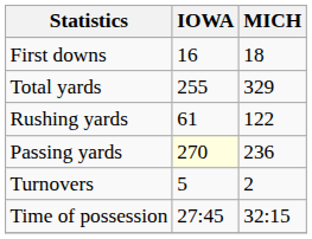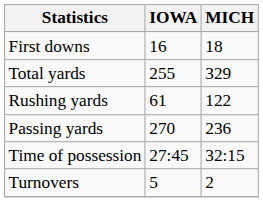 <table class="wikitable">
 <tr>
 <th>Statistics</th>
 <th>IOWA</th>
 <th>MICH</th>
 </tr>
 <tr>
 <td>First downs</td>
 <td>16</td>
 <td>18</td>
 </tr>
 <tr>
 <td>Total yards</td>
 <td>255</td>
 <td>329</td>
 </tr>
 <tr>
 <td>Rushing yards</td>
 <td>61</td>
 <td>122</td>
 </tr>
 <tr>
 <td>Passing yards</td>
-<td style="background: lightyellow;">270</td>
+<td>270</td>
 <td>236</td>
+</tr>
+<tr>
+<td>Time of possession</td>
+<td>27:45</td>
+<td>32:15</td>
 </tr>
 <tr>
 <td>Turnovers</td>
 <td>5</td>
 <td>2</td>
 </tr>
 <tr>
-<td>Time of possession</td>
-<td>27:45</td>
-<td>32:15</td>
-</tr>
-<tr>
 </tr>
 </table>
